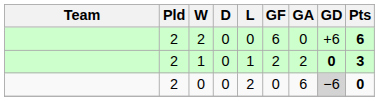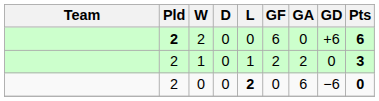 <table class="wikitable" style="text-align:center;">
 <tr>
 <th width=165>Team</th>
 <th width=20>Pld</th>
 <th width=20>W</th>
 <th width=20>D</th>
 <th width=20>L</th>
 <th width=20>GF</th>
 <th width=20>GA</th>
 <th width=20>GD</th>
 <th width=20>Pts</th>
 </tr>
 <tr align=center bgcolor="ccffcc">
 <td style="text-align:left;"></td>
-<td>2</td>
+<td><strong>2</strong></td>
 <td>2</td>
 <td>0</td>
 <td>0</td>
 <td>6</td>
 <td>0</td>
 <td>+6</td>
 <td><strong>6</strong></td>
 </tr>
 <tr align=center bgcolor="ccffcc">
 <td style="text-align:left;"></td>
 <td>2</td>
 <td>1</td>
 <td>0</td>
 <td>1</td>
 <td>2</td>
 <td>2</td>
-<td><strong>0</strong></td>
+<td>0</td>
 <td><strong>3</strong></td>
 </tr>
 <tr>
 <td style="text-align:left;"></td>
 <td>2</td>
 <td>0</td>
 <td>0</td>
-<td>2</td>
+<td><strong>2</strong></td>
 <td>0</td>
 <td>6</td>
-<td style="background: lightgrey;">−6</td>
+<td>−6</td>
 <td><strong>0</strong></td>
 </tr>
 <tr>
 </tr>
 </table>
